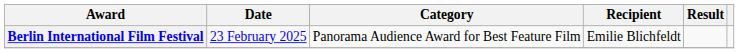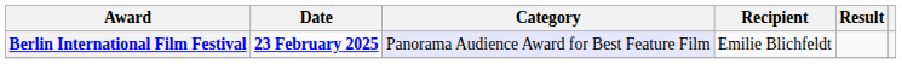 <table class="wikitable sortable plainrowheaders">
 <tr>
 <th>Award</th>
 <th>Date</th>
 <th>Category</th>
 <th>Recipient</th>
 <th>Result</th>
 <th></th>
 </tr>
 <tr>
 <th scope="row"><a href='#'>Berlin International Film Festival</a></th>
-<td><a href='#'>23 February 2025</a></td>
-<td>Panorama Audience Award for Best Feature Film</td>
+<td><strong><a href='#'>23 February 2025</a></strong></td>
+<td style="background: lavender;">Panorama Audience Award for Best Feature Film</td>
 <td>Emilie Blichfeldt</td>
 <td></td>
 <td align="center" rowspan="1"></td>
 </tr>
 <tr>
 </tr>
 </table>
